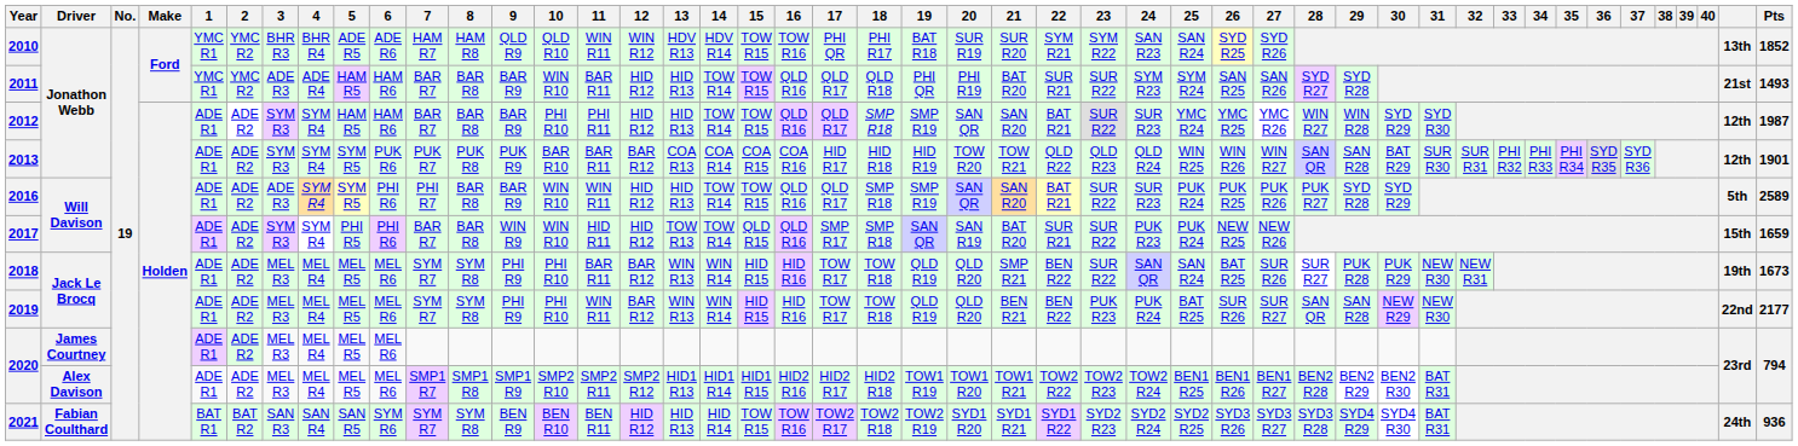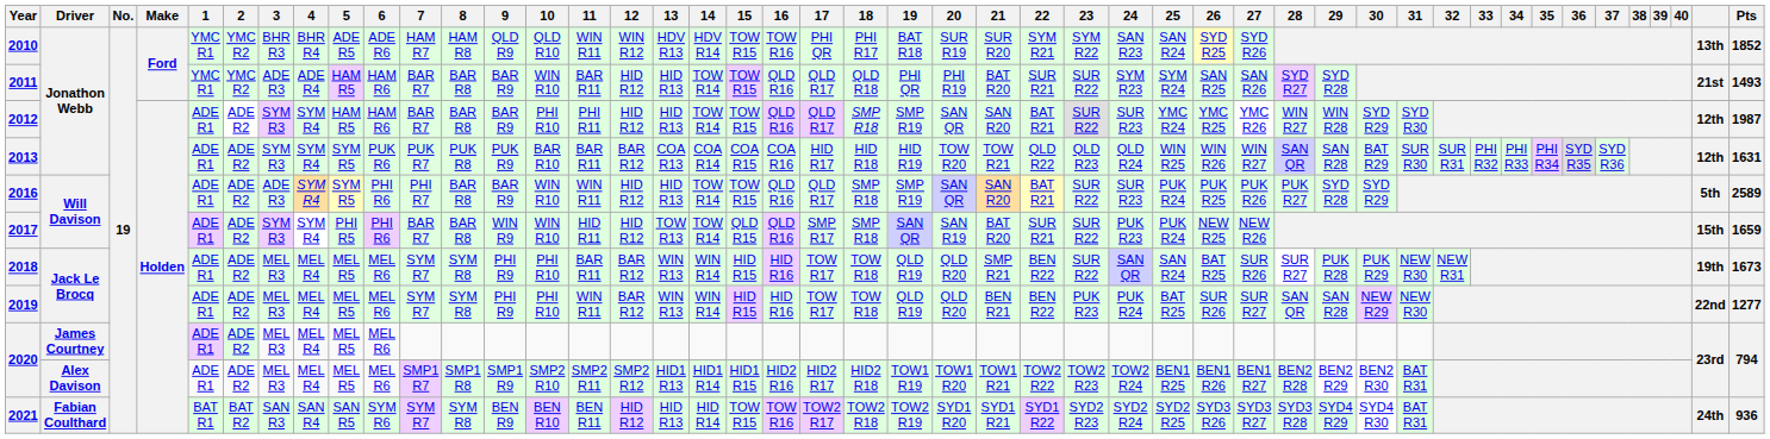 <table class="wikitable mw-collapsible mw-collapsed" style="text-align:center; font-size:75%">
 <tr>
 <th>Year</th>
 <th>Driver</th>
 <th>No.</th>
 <th>Make</th>
 <th>1</th>
 <th>2</th>
 <th>3</th>
 <th>4</th>
 <th>5</th>
 <th>6</th>
 <th>7</th>
 <th>8</th>
 <th>9</th>
 <th>10</th>
 <th>11</th>
 <th>12</th>
 <th>13</th>
 <th>14</th>
 <th>15</th>
 <th>16</th>
 <th>17</th>
 <th>18</th>
 <th>19</th>
 <th>20</th>
 <th>21</th>
 <th>22</th>
 <th>23</th>
 <th>24</th>
 <th>25</th>
 <th>26</th>
 <th>27</th>
 <th>28</th>
 <th>29</th>
 <th>30</th>
 <th>31</th>
 <th>32</th>
 <th>33</th>
 <th>34</th>
 <th>35</th>
 <th>36</th>
 <th>37</th>
 <th>38</th>
 <th>39</th>
 <th>40</th>
 <th></th>
 <th>Pts</th>
 </tr>
 <tr>
 <th><a href='#'>2010</a></th>
 <th rowspan=4>Jonathon Webb</th>
 <th rowspan=12>19</th>
 <th rowspan=2><a href='#'>Ford</a></th>
 <td style="background: #dfffdf"><a href='#'>YMC<br>R1</a><br></td>
 <td style="background: #dfffdf"><a href='#'>YMC<br>R2</a><br></td>
 <td style="background: #dfffdf"><a href='#'>BHR<br>R3</a><br></td>
 <td style="background: #dfffdf"><a href='#'>BHR<br>R4</a><br></td>
 <td style="background: #dfffdf"><a href='#'>ADE<br>R5</a><br></td>
 <td style="background: #dfffdf"><a href='#'>ADE<br>R6</a><br></td>
 <td style="background: #dfffdf"><a href='#'>HAM<br>R7</a><br></td>
 <td style="background: #dfffdf"><a href='#'>HAM<br>R8</a><br></td>
 <td style="background: #dfffdf"><a href='#'>QLD<br>R9</a><br></td>
 <td style="background: #dfffdf"><a href='#'>QLD<br>R10</a><br></td>
 <td style="background: #dfffdf"><a href='#'>WIN<br>R11</a><br></td>
 <td style="background: #dfffdf"><a href='#'>WIN<br>R12</a><br></td>
 <td style="background: #dfffdf"><a href='#'>HDV<br>R13</a><br></td>
 <td style="background: #dfffdf"><a href='#'>HDV<br>R14</a><br></td>
 <td style="background: #dfffdf"><a href='#'>TOW<br>R15</a><br></td>
 <td style="background: #dfffdf"><a href='#'>TOW<br>R16</a><br></td>
 <td style="background: #dfffdf"><a href='#'>PHI<br>QR</a><br></td>
 <td style="background: #dfffdf"><a href='#'>PHI<br>R17</a><br></td>
 <td style="background: #dfffdf"><a href='#'>BAT<br>R18</a><br></td>
 <td style="background: #dfffdf"><a href='#'>SUR<br>R19</a><br></td>
 <td style="background: #dfffdf"><a href='#'>SUR<br>R20</a><br></td>
 <td style="background: #dfffdf"><a href='#'>SYM<br>R21</a><br></td>
 <td style="background: #dfffdf"><a href='#'>SYM<br>R22</a><br></td>
 <td style="background: #dfffdf"><a href='#'>SAN<br>R23</a><br></td>
 <td style="background: #dfffdf"><a href='#'>SAN<br>R24</a><br></td>
 <td style="background: #ffffbf"><a href='#'>SYD<br>R25</a><br></td>
 <td style="background: #dfffdf"><a href='#'>SYD<br>R26</a><br></td>
 <th colspan=13></th>
 <th>13th</th>
 <th>1852</th>
 </tr>
 <tr>
 <th><a href='#'>2011</a></th>
 <td style="background: #dfffdf"><a href='#'>YMC<br>R1</a><br></td>
 <td style="background: #dfffdf"><a href='#'>YMC<br>R2</a><br></td>
 <td style="background: #dfffdf"><a href='#'>ADE<br>R3</a><br></td>
 <td style="background: #dfffdf"><a href='#'>ADE<br>R4</a><br></td>
 <td style="background: #efcfff"><a href='#'>HAM<br>R5</a><br></td>
 <td style="background: #dfffdf"><a href='#'>HAM<br>R6</a><br></td>
 <td style="background: #dfffdf"><a href='#'>BAR<br>R7</a><br></td>
 <td style="background: #dfffdf"><a href='#'>BAR<br>R8</a><br></td>
 <td style="background: #dfffdf"><a href='#'>BAR<br>R9</a><br></td>
 <td style="background: #dfffdf"><a href='#'>WIN<br>R10</a><br></td>
 <td style="background: #dfffdf"><a href='#'>BAR<br>R11</a><br></td>
 <td style="background: #dfffdf"><a href='#'>HID<br>R12</a><br></td>
 <td style="background: #dfffdf"><a href='#'>HID<br>R13</a><br></td>
 <td style="background: #dfffdf"><a href='#'>TOW<br>R14</a><br></td>
 <td style="background: #efcfff"><a href='#'>TOW<br>R15</a><br></td>
 <td style="background: #dfffdf"><a href='#'>QLD<br>R16</a><br></td>
 <td style="background: #dfffdf"><a href='#'>QLD<br>R17</a><br></td>
 <td style="background: #dfffdf"><a href='#'>QLD<br>R18</a><br></td>
 <td style="background: #dfffdf"><a href='#'>PHI<br>QR</a><br></td>
 <td style="background: #dfffdf"><a href='#'>PHI<br>R19</a><br></td>
 <td style="background: #dfffdf"><a href='#'>BAT<br>R20</a><br></td>
 <td style="background: #dfffdf"><a href='#'>SUR<br>R21</a><br></td>
 <td style="background: #dfffdf"><a href='#'>SUR<br>R22</a><br></td>
 <td style="background: #dfffdf"><a href='#'>SYM<br>R23</a><br></td>
 <td style="background: #dfffdf"><a href='#'>SYM<br>R24</a><br></td>
 <td style="background: #dfffdf"><a href='#'>SAN<br>R25</a><br></td>
 <td style="background: #dfffdf"><a href='#'>SAN<br>R26</a><br></td>
 <td style="background: #efcfff"><a href='#'>SYD<br>R27</a><br></td>
 <td style="background: #dfffdf"><a href='#'>SYD<br>R28</a><br></td>
 <th colspan=11></th>
 <th>21st</th>
 <th>1493</th>
 </tr>
 <tr>
 <th><a href='#'>2012</a></th>
 <th rowspan=10><a href='#'>Holden</a></th>
 <td style="background: #dfffdf"><a href='#'>ADE<br>R1</a><br></td>
 <td style="background: #ffffff"><a href='#'>ADE<br>R2</a><br></td>
 <td style="background: #efcfff"><a href='#'>SYM<br>R3</a><br></td>
 <td style="background: #dfffdf"><a href='#'>SYM<br>R4</a><br></td>
 <td style="background: #dfffdf"><a href='#'>HAM<br>R5</a><br></td>
 <td style="background: #dfffdf"><a href='#'>HAM<br>R6</a><br></td>
 <td style="background: #dfffdf"><a href='#'>BAR<br>R7</a><br></td>
 <td style="background: #dfffdf"><a href='#'>BAR<br>R8</a><br></td>
 <td style="background: #dfffdf"><a href='#'>BAR<br>R9</a><br></td>
 <td style="background: #dfffdf"><a href='#'>PHI<br>R10</a><br></td>
 <td style="background: #dfffdf"><a href='#'>PHI<br>R11</a><br></td>
 <td style="background: #dfffdf"><a href='#'>HID<br>R12</a><br></td>
 <td style="background: #dfffdf"><a href='#'>HID<br>R13</a><br></td>
 <td style="background: #dfffdf"><a href='#'>TOW<br>R14</a><br></td>
 <td style="background: #dfffdf"><a href='#'>TOW<br>R15</a><br></td>
 <td style="background: #efcfff"><a href='#'>QLD<br>R16</a><br></td>
 <td style="background: #efcfff"><a href='#'>QLD<br>R17</a><br></td>
 <td style="background: #dfffdf"><em><a href='#'>SMP<br>R18</a><br></em></td>
 <td style="background: #dfffdf"><a href='#'>SMP<br>R19</a><br></td>
 <td style="background: #dfffdf"><a href='#'>SAN<br>QR</a><br></td>
 <td style="background: #dfffdf"><a href='#'>SAN<br>R20</a><br></td>
 <td style="background: #dfffdf"><a href='#'>BAT<br>R21</a><br></td>
 <td style="background: #dfdfdf"><a href='#'>SUR<br>R22</a><br></td>
 <td style="background: #dfffdf"><a href='#'>SUR<br>R23</a><br></td>
 <td style="background: #dfffdf"><a href='#'>YMC<br>R24</a><br></td>
 <td style="background: #dfffdf"><a href='#'>YMC<br>R25</a><br></td>
 <td style="background: #ffffff"><a href='#'>YMC<br>R26</a><br></td>
 <td style="background: #dfffdf"><a href='#'>WIN<br>R27</a><br></td>
 <td style="background: #dfffdf"><a href='#'>WIN<br>R28</a><br></td>
 <td style="background: #dfffdf"><a href='#'>SYD<br>R29</a><br></td>
 <td style="background: #dfffdf"><a href='#'>SYD<br>R30</a><br></td>
 <th colspan=9></th>
 <th>12th</th>
 <th>1987</th>
 </tr>
 <tr>
 <th><a href='#'>2013</a></th>
 <td style="background: #dfffdf"><a href='#'>ADE<br>R1</a><br></td>
 <td style="background: #dfffdf"><a href='#'>ADE<br>R2</a><br></td>
 <td style="background: #dfffdf"><a href='#'>SYM<br>R3</a><br></td>
 <td style="background: #dfffdf"><a href='#'>SYM<br>R4</a><br></td>
 <td style="background: #dfffdf"><a href='#'>SYM<br>R5</a><br></td>
 <td style="background: #dfffdf"><a href='#'>PUK<br>R6</a><br></td>
 <td style="background: #dfffdf"><a href='#'>PUK<br>R7</a><br></td>
 <td style="background: #dfffdf"><a href='#'>PUK<br>R8</a><br></td>
 <td style="background: #dfffdf"><a href='#'>PUK<br>R9</a><br></td>
 <td style="background: #dfffdf"><a href='#'>BAR<br>R10</a><br></td>
 <td style="background: #dfffdf"><a href='#'>BAR<br>R11</a><br></td>
 <td style="background: #dfffdf"><a href='#'>BAR<br>R12</a><br></td>
 <td style="background: #dfffdf"><a href='#'>COA<br>R13</a><br></td>
 <td style="background: #dfffdf"><a href='#'>COA<br>R14</a><br></td>
 <td style="background: #dfffdf"><a href='#'>COA<br>R15</a><br></td>
 <td style="background: #dfffdf"><a href='#'>COA<br>R16</a><br></td>
 <td style="background: #dfffdf"><a href='#'>HID<br>R17</a><br></td>
 <td style="background: #dfffdf"><a href='#'>HID<br>R18</a><br></td>
 <td style="background: #dfffdf"><a href='#'>HID<br>R19</a><br></td>
 <td style="background: #dfffdf"><a href='#'>TOW<br>R20</a><br></td>
 <td style="background: #dfffdf"><a href='#'>TOW<br>R21</a><br></td>
 <td style="background: #dfffdf"><a href='#'>QLD<br>R22</a><br></td>
 <td style="background: #dfffdf"><a href='#'>QLD<br>R23</a><br></td>
 <td style="background: #dfffdf"><a href='#'>QLD<br>R24</a><br></td>
 <td style="background: #dfffdf"><a href='#'>WIN<br>R25</a><br></td>
 <td style="background: #dfffdf"><a href='#'>WIN<br>R26</a><br></td>
 <td style="background: #dfffdf"><a href='#'>WIN<br>R27</a><br></td>
 <td style="background: #cfcfff"><a href='#'>SAN<br>QR</a><br></td>
 <td style="background: #dfffdf"><a href='#'>SAN<br>R28</a><br></td>
 <td style="background: #dfffdf"><a href='#'>BAT<br>R29</a><br></td>
 <td style="background: #dfffdf"><a href='#'>SUR<br>R30</a><br></td>
 <td style="background: #dfffdf"><a href='#'>SUR<br>R31</a><br></td>
 <td style="background: #dfffdf"><a href='#'>PHI<br>R32</a><br></td>
 <td style="background: #dfffdf"><a href='#'>PHI<br>R33</a><br></td>
 <td style="background: #efcfff"><a href='#'>PHI<br>R34</a><br></td>
 <td style="background: #dfdfdf"><a href='#'>SYD<br>R35</a><br></td>
 <td style="background: #dfffdf"><a href='#'>SYD<br>R36</a><br></td>
 <th colspan=3></th>
 <th>12th</th>
-<th>1901</th>
+<th>1631</th>
 </tr>
 <tr>
 <th><a href='#'>2016</a></th>
 <th rowspan=2><a href='#'>Will Davison</a></th>
 <td style="background: #dfffdf"><a href='#'>ADE<br>R1</a><br></td>
 <td style="background: #dfffdf"><a href='#'>ADE<br>R2</a><br></td>
 <td style="background: #dfffdf"><a href='#'>ADE<br>R3</a><br></td>
 <td style="background: #ffdf9f"><em><a href='#'>SYM<br>R4</a><br></em></td>
 <td style="background: #ffffbf"><a href='#'>SYM<br>R5</a><br></td>
 <td style="background: #dfffdf"><a href='#'>PHI<br>R6</a><br></td>
 <td style="background: #dfffdf"><a href='#'>PHI<br>R7</a><br></td>
 <td style="background: #dfffdf"><a href='#'>BAR<br>R8</a><br></td>
 <td style="background: #dfffdf"><a href='#'>BAR<br>R9</a><br></td>
 <td style="background: #dfffdf"><a href='#'>WIN<br>R10</a><br></td>
 <td style="background: #dfffdf"><a href='#'>WIN<br>R11</a><br></td>
 <td style="background: #dfffdf"><a href='#'>HID<br>R12</a><br></td>
 <td style="background: #dfffdf"><a href='#'>HID<br>R13</a><br></td>
 <td style="background: #dfffdf"><a href='#'>TOW<br>R14</a><br></td>
 <td style="background: #dfffdf"><a href='#'>TOW<br>R15</a><br></td>
 <td style="background: #dfffdf"><a href='#'>QLD<br>R16</a><br></td>
 <td style="background: #dfffdf"><a href='#'>QLD<br>R17</a><br></td>
 <td style="background: #dfffdf"><a href='#'>SMP<br>R18</a><br></td>
 <td style="background: #dfffdf"><a href='#'>SMP<br>R19</a><br></td>
 <td style="background: #cfcfff"><a href='#'>SAN<br>QR</a><br></td>
 <td style="background: #ffdf9f"><a href='#'>SAN<br>R20</a><br></td>
 <td style="background: #ffffbf"><a href='#'>BAT<br>R21</a><br></td>
 <td style="background: #dfffdf"><a href='#'>SUR<br>R22</a><br></td>
 <td style="background: #dfffdf"><a href='#'>SUR<br>R23</a><br></td>
 <td style="background: #dfffdf"><a href='#'>PUK<br>R24</a><br></td>
 <td style="background: #dfffdf"><a href='#'>PUK<br>R25</a><br></td>
 <td style="background: #dfffdf"><a href='#'>PUK<br>R26</a><br></td>
 <td style="background: #dfffdf"><a href='#'>PUK<br>R27</a><br></td>
 <td style="background: #dfffdf"><a href='#'>SYD<br>R28</a><br></td>
 <td style="background: #dfffdf"><a href='#'>SYD<br>R29</a><br></td>
 <th colspan=10></th>
 <th>5th</th>
 <th>2589</th>
 </tr>
 <tr>
 <th><a href='#'>2017</a></th>
 <td style="background: #efcfff"><a href='#'>ADE<br>R1</a><br></td>
 <td style="background: #dfffdf"><a href='#'>ADE<br>R2</a><br></td>
 <td style="background: #efcfff"><a href='#'>SYM<br>R3</a><br></td>
 <td style="background: #ffffff"><a href='#'>SYM<br>R4</a><br></td>
 <td style="background: #dfffdf"><a href='#'>PHI<br>R5</a><br></td>
 <td style="background: #efcfff"><a href='#'>PHI<br>R6</a><br></td>
 <td style="background: #dfffdf"><a href='#'>BAR<br>R7</a><br></td>
 <td style="background: #dfffdf"><a href='#'>BAR<br>R8</a><br></td>
 <td style="background: #dfffdf"><a href='#'>WIN<br>R9</a><br></td>
 <td style="background: #dfffdf"><a href='#'>WIN<br>R10</a><br></td>
 <td style="background: #dfffdf"><a href='#'>HID<br>R11</a><br></td>
 <td style="background: #dfffdf"><a href='#'>HID<br>R12</a><br></td>
 <td style="background: #dfffdf"><a href='#'>TOW<br>R13</a><br></td>
 <td style="background: #dfffdf"><a href='#'>TOW<br>R14</a><br></td>
 <td style="background: #dfffdf"><a href='#'>QLD<br>R15</a><br></td>
 <td style="background: #efcfff"><a href='#'>QLD<br>R16</a><br></td>
 <td style="background: #dfffdf"><a href='#'>SMP<br>R17</a><br></td>
 <td style="background: #dfffdf"><a href='#'>SMP<br>R18</a><br></td>
 <td style="background: #cfcfff"><a href='#'>SAN<br>QR</a><br></td>
 <td style="background: #dfffdf"><a href='#'>SAN<br>R19</a><br></td>
 <td style="background: #dfffdf"><a href='#'>BAT<br>R20</a><br></td>
 <td style="background: #dfffdf"><a href='#'>SUR<br>R21</a><br></td>
 <td style="background: #dfffdf"><a href='#'>SUR<br>R22</a><br></td>
 <td style="background: #dfffdf"><a href='#'>PUK<br>R23</a><br></td>
 <td style="background: #dfffdf"><a href='#'>PUK<br>R24</a><br></td>
 <td style="background: #dfffdf"><a href='#'>NEW<br>R25</a><br></td>
 <td style="background: #dfffdf"><a href='#'>NEW<br>R26</a><br></td>
 <th colspan=13></th>
 <th>15th</th>
 <th>1659</th>
 </tr>
 <tr>
 <th><a href='#'>2018</a></th>
 <th rowspan=2><a href='#'>Jack Le Brocq</a></th>
 <td style="background: #dfffdf"><a href='#'>ADE<br>R1</a><br></td>
 <td style="background: #dfffdf"><a href='#'>ADE<br>R2</a><br></td>
 <td style="background: #dfffdf"><a href='#'>MEL<br>R3</a><br></td>
 <td style="background: #dfffdf"><a href='#'>MEL<br>R4</a><br></td>
 <td style="background: #dfffdf"><a href='#'>MEL<br>R5</a><br></td>
 <td style="background: #dfffdf"><a href='#'>MEL<br>R6</a><br></td>
 <td style="background: #dfffdf"><a href='#'>SYM<br>R7</a><br></td>
 <td style="background: #dfffdf"><a href='#'>SYM<br>R8</a><br></td>
 <td style="background: #dfffdf"><a href='#'>PHI<br>R9</a><br></td>
 <td style="background: #dfffdf"><a href='#'>PHI<br>R10</a><br></td>
 <td style="background: #dfffdf"><a href='#'>BAR<br>R11</a><br></td>
 <td style="background: #dfffdf"><a href='#'>BAR<br>R12</a><br></td>
 <td style="background: #dfffdf"><a href='#'>WIN<br>R13</a><br></td>
 <td style="background: #dfffdf"><a href='#'>WIN<br>R14</a><br></td>
 <td style="background: #dfffdf"><a href='#'>HID<br>R15</a><br></td>
 <td style="background: #efcfff"><a href='#'>HID<br>R16</a><br></td>
 <td style="background: #dfffdf"><a href='#'>TOW<br>R17</a><br></td>
 <td style="background: #dfffdf"><a href='#'>TOW<br>R18</a><br></td>
 <td style="background: #dfffdf"><a href='#'>QLD<br>R19</a><br></td>
 <td style="background: #dfffdf"><a href='#'>QLD<br>R20</a><br></td>
 <td style="background: #dfffdf"><a href='#'>SMP<br>R21</a><br></td>
 <td style="background: #dfffdf"><a href='#'>BEN<br>R22</a><br></td>
 <td style="background: #dfffdf"><a href='#'>SUR<br>R22</a><br></td>
 <td style="background: #cfcfff"><a href='#'>SAN<br>QR</a><br></td>
 <td style="background: #dfffdf"><a href='#'>SAN<br>R24</a><br></td>
 <td style="background: #dfffdf"><a href='#'>BAT<br>R25</a><br></td>
 <td style="background: #dfffdf"><a href='#'>SUR<br>R26</a><br></td>
 <td style="background: #ffffff"><a href='#'>SUR<br>R27</a><br></td>
 <td style="background: #dfffdf"><a href='#'>PUK<br>R28</a><br></td>
 <td style="background: #dfffdf"><a href='#'>PUK<br>R29</a><br></td>
 <td style="background: #dfffdf"><a href='#'>NEW<br>R30</a><br></td>
 <td style="background: #dfffdf"><a href='#'>NEW<br>R31</a><br></td>
 <th colspan=8></th>
 <th>19th</th>
 <th>1673</th>
 </tr>
 <tr>
 <th><a href='#'>2019</a></th>
 <td style="background:#dfffdf;"><a href='#'>ADE<br>R1</a><br></td>
 <td style="background:#dfffdf;"><a href='#'>ADE<br>R2</a><br></td>
 <td style="background: #dfffdf"><a href='#'>MEL<br>R3</a><br></td>
 <td style="background: #dfffdf"><a href='#'>MEL<br>R4</a><br></td>
 <td style="background: #dfffdf"><a href='#'>MEL<br>R5</a><br></td>
 <td style="background: #dfffdf"><a href='#'>MEL<br>R6</a><br></td>
 <td style="background: #dfffdf"><a href='#'>SYM<br>R7</a><br></td>
 <td style="background: #dfffdf"><a href='#'>SYM<br>R8</a><br></td>
 <td style="background: #dfffdf"><a href='#'>PHI<br>R9</a><br></td>
 <td style="background: #dfffdf"><a href='#'>PHI<br>R10</a><br></td>
 <td style="background: #dfffdf"><a href='#'>WIN<br>R11</a><br></td>
 <td style="background: #dfffdf"><a href='#'>BAR<br>R12</a><br></td>
 <td style="background: #dfffdf"><a href='#'>WIN<br>R13</a><br></td>
 <td style="background: #dfffdf"><a href='#'>WIN<br>R14</a><br></td>
 <td style="background: #efcfff"><a href='#'>HID<br>R15</a><br></td>
 <td style="background: #dfffdf"><a href='#'>HID<br>R16</a><br></td>
 <td style="background: #dfffdf"><a href='#'>TOW<br>R17</a><br></td>
 <td style="background: #dfffdf"><a href='#'>TOW<br>R18</a><br></td>
 <td style="background: #dfffdf"><a href='#'>QLD<br>R19</a><br></td>
 <td style="background: #dfffdf"><a href='#'>QLD<br>R20</a><br></td>
 <td style="background: #dfffdf"><a href='#'>BEN<br>R21</a><br></td>
 <td style="background: #dfffdf"><a href='#'>BEN<br>R22</a><br></td>
 <td style="background: #dfffdf"><a href='#'>PUK<br>R23</a><br></td>
 <td style="background: #dfffdf"><a href='#'>PUK<br>R24</a><br></td>
 <td style="background: #dfffdf"><a href='#'>BAT<br>R25</a><br></td>
 <td style="background: #dfffdf"><a href='#'>SUR<br>R26</a><br></td>
 <td style="background: #dfffdf"><a href='#'>SUR<br>R27</a><br></td>
 <td style="background: #dfffdf"><a href='#'>SAN<br>QR</a><br></td>
 <td style="background: #dfffdf"><a href='#'>SAN<br>R28</a><br></td>
 <td style="background: #efcfff"><a href='#'>NEW<br>R29</a><br></td>
 <td style="background: #dfffdf"><a href='#'>NEW<br>R30</a><br></td>
 <th colspan=9></th>
 <th>22nd</th>
-<th>2177</th>
+<th>1277</th>
 </tr>
 <tr>
 <th rowspan=2><a href='#'>2020</a></th>
 <th><a href='#'>James Courtney</a></th>
 <td style="background: #efcfff"><a href='#'>ADE<br>R1</a><br></td>
 <td style="background: #dfffdf"><a href='#'>ADE<br>R2</a><br></td>
 <td><a href='#'>MEL<br>R3</a></td>
 <td><a href='#'>MEL<br>R4</a></td>
 <td><a href='#'>MEL<br>R5</a></td>
 <td><a href='#'>MEL<br>R6</a></td>
 <td></td>
 <td></td>
 <td></td>
 <td></td>
 <td></td>
 <td></td>
 <td></td>
 <td></td>
 <td></td>
 <td></td>
 <td></td>
 <td></td>
 <td></td>
 <td></td>
 <td></td>
 <td></td>
 <td></td>
 <td></td>
 <td></td>
 <td></td>
 <td></td>
 <td></td>
 <td></td>
 <td></td>
 <td></td>
 <th colspan=9></th>
 <th rowspan=2>23rd</th>
 <th rowspan=2>794</th>
 </tr>
 <tr>
 <th><a href='#'>Alex Davison</a></th>
 <td style="background: #"><a href='#'>ADE<br>R1</a><br></td>
 <td style="background: #"><a href='#'>ADE<br>R2</a><br></td>
 <td style="background: #"><a href='#'>MEL<br>R3</a><br></td>
 <td style="background: #"><a href='#'>MEL<br>R4</a><br></td>
 <td style="background: #"><a href='#'>MEL<br>R5</a><br></td>
 <td style="background: #"><a href='#'>MEL<br>R6</a><br></td>
 <td style="background: #efcfff"><a href='#'>SMP1<br>R7</a><br></td>
 <td style="background: #dfffdf"><a href='#'>SMP1<br>R8</a><br></td>
 <td style="background: #dfffdf"><a href='#'>SMP1<br>R9</a><br></td>
 <td style="background: #dfffdf"><a href='#'>SMP2<br>R10</a><br></td>
 <td style="background: #dfffdf"><a href='#'>SMP2<br>R11</a><br></td>
 <td style="background: #dfffdf"><a href='#'>SMP2<br>R12</a><br></td>
 <td style="background: #dfffdf"><a href='#'>HID1<br>R13</a><br></td>
 <td style="background: #dfffdf"><a href='#'>HID1<br>R14</a><br></td>
 <td style="background: #dfffdf"><a href='#'>HID1<br>R15</a><br></td>
 <td style="background: #dfffdf"><a href='#'>HID2<br>R16</a><br></td>
 <td style="background: #dfffdf"><a href='#'>HID2<br>R17</a><br></td>
 <td style="background: #dfffdf"><a href='#'>HID2<br>R18</a><br></td>
 <td style="background: #dfffdf"><a href='#'>TOW1<br>R19</a><br></td>
 <td style="background: #dfffdf"><a href='#'>TOW1<br>R20</a><br></td>
 <td style="background: #dfffdf"><a href='#'>TOW1<br>R21</a><br></td>
 <td style="background: #dfffdf"><a href='#'>TOW2<br>R22</a><br></td>
 <td style="background: #dfffdf"><a href='#'>TOW2<br>R23</a><br></td>
 <td style="background: #dfffdf"><a href='#'>TOW2<br>R24</a><br></td>
 <td style="background: #dfffdf"><a href='#'>BEN1<br>R25</a><br></td>
 <td style="background: #dfffdf"><a href='#'>BEN1<br>R26</a><br></td>
 <td style="background: #dfffdf"><a href='#'>BEN1<br>R27</a><br></td>
 <td style="background: #dfffdf"><a href='#'>BEN2<br>R28</a><br></td>
 <td style="background: #ffffff"><a href='#'>BEN2<br>R29</a><br></td>
 <td style="background: #ffffff"><a href='#'>BEN2<br>R30</a><br></td>
 <td style="background: #dfffdf"><a href='#'>BAT<br>R31</a><br></td>
 <th colspan=9></th>
 </tr>
 <tr>
 <th><a href='#'>2021</a></th>
 <th rowspan=2><a href='#'>Fabian Coulthard</a></th>
 <td style="background: #dfffdf"><a href='#'>BAT<br>R1</a><br></td>
 <td style="background: #dfffdf"><a href='#'>BAT<br>R2</a><br></td>
 <td style="background: #dfffdf"><a href='#'>SAN<br>R3</a><br></td>
 <td style="background: #dfffdf"><a href='#'>SAN<br>R4</a><br></td>
 <td style="background: #dfffdf"><a href='#'>SAN<br>R5</a><br></td>
 <td style="background: #dfffdf"><a href='#'>SYM<br>R6</a><br></td>
 <td style="background: #efcfff"><a href='#'>SYM<br>R7</a><br></td>
 <td style="background: #dfffdf"><a href='#'>SYM<br>R8</a><br></td>
 <td style="background: #dfffdf"><a href='#'>BEN<br>R9</a><br></td>
 <td style="background: #efcfff"><a href='#'>BEN<br>R10</a><br></td>
 <td style="background: #dfffdf"><a href='#'>BEN<br>R11</a><br></td>
 <td style="background: #efcfff"><a href='#'>HID<br>R12</a><br></td>
 <td style="background: #dfffdf"><a href='#'>HID<br>R13</a><br></td>
 <td style="background: #dfffdf"><a href='#'>HID<br>R14</a><br></td>
 <td style="background: #dfffdf"><a href='#'>TOW<br>R15</a><br></td>
 <td style="background: #efcfff"><a href='#'>TOW<br>R16</a><br></td>
 <td style="background: #efcfff"><a href='#'>TOW2<br>R17</a><br></td>
 <td style="background: #dfffdf"><a href='#'>TOW2<br>R18</a><br></td>
 <td style="background: #dfffdf"><a href='#'>TOW2<br>R19</a><br></td>
 <td style="background: #dfffdf"><a href='#'>SYD1<br>R20</a><br></td>
 <td style="background: #dfffdf"><a href='#'>SYD1<br>R21</a><br></td>
 <td style="background: #efcfff"><a href='#'>SYD1<br>R22</a><br></td>
 <td style="background: #dfffdf"><a href='#'>SYD2<br>R23</a><br></td>
 <td style="background: #dfffdf"><a href='#'>SYD2<br>R24</a><br></td>
 <td style="background: #dfffdf"><a href='#'>SYD2<br>R25</a><br></td>
 <td style="background: #dfffdf"><a href='#'>SYD3<br>R26</a><br></td>
 <td style="background: #dfffdf"><a href='#'>SYD3<br>R27</a><br></td>
 <td style="background: #dfffdf"><a href='#'>SYD3<br>R28</a><br></td>
 <td style="background: #dfffdf"><a href='#'>SYD4<br>R29</a><br></td>
 <td style="background: #ffffff"><a href='#'>SYD4<br>R30</a><br></td>
 <td style="background: #dfffdf"><a href='#'>BAT<br>R31</a><br></td>
 <th colspan=9></th>
 <th>24th</th>
 <th>936</th>
 </tr>
 </table>
